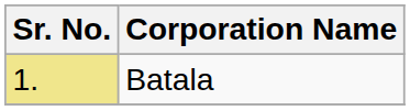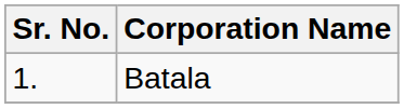 <table class="wikitable sortable">
 <tr>
 <th bgcolor="#99ccff">Sr. No.</th>
 <th bgcolor="#99ccff">Corporation Name</th>
 </tr>
 <tr>
-<td style="background: khaki;">1.</td>
+<td>1.</td>
 <td>Batala</td>
 </tr>
 <tr>
 </tr>
 </table>
